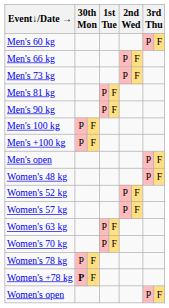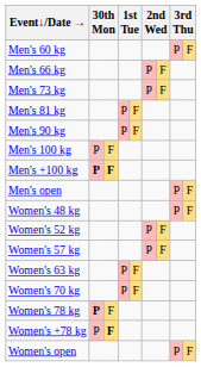 <table class="wikitable" style="margin:0.5em auto; font-size:90%; line-height:1.25em; text-align:center;">
 <tr>
 <th>Event↓/Date →</th>
 <th colspan=2>30th<br>Mon</th>
 <th colspan=2>1st<br>Tue</th>
 <th colspan=2>2nd<br>Wed</th>
 <th colspan=2>3rd<br>Thu</th>
 </tr>
 <tr>
 <td align="left"><a href='#'>Men's 60 kg</a></td>
 <td colspan=2></td>
 <td colspan=2></td>
 <td colspan=2></td>
 <td bgcolor="#FFBBBB">P</td>
 <td bgcolor="#FFDF80">F</td>
 </tr>
 <tr>
 <td align="left"><a href='#'>Men's 66 kg</a></td>
 <td colspan=2></td>
 <td colspan=2></td>
 <td bgcolor="#FFBBBB">P</td>
 <td bgcolor="#FFDF80">F</td>
 <td colspan=2></td>
 </tr>
 <tr>
 <td align="left"><a href='#'>Men's 73 kg</a></td>
 <td colspan=2></td>
 <td colspan=2></td>
 <td bgcolor="#FFBBBB">P</td>
 <td bgcolor="#FFDF80">F</td>
 <td colspan=2></td>
 </tr>
 <tr>
 <td align="left"><a href='#'>Men's 81 kg</a></td>
 <td colspan=2></td>
 <td bgcolor="#FFBBBB">P</td>
 <td bgcolor="#FFDF80">F</td>
 <td colspan=2></td>
 <td colspan=2></td>
 </tr>
 <tr>
 <td align="left"><a href='#'>Men's 90 kg</a></td>
 <td colspan=2></td>
 <td bgcolor="#FFBBBB">P</td>
 <td bgcolor="#FFDF80">F</td>
 <td colspan=2></td>
 <td colspan=2></td>
 </tr>
 <tr>
 <td align="left"><a href='#'>Men's 100 kg</a></td>
 <td bgcolor="#FFBBBB">P</td>
 <td bgcolor="#FFDF80">F</td>
 <td colspan=2></td>
 <td colspan=2></td>
 <td colspan=2></td>
 </tr>
 <tr>
 <td align="left"><a href='#'>Men's +100 kg</a></td>
-<td bgcolor="#FFBBBB">P</td>
-<td bgcolor="#FFDF80">F</td>
+<td bgcolor="#FFBBBB"><strong>P</strong></td>
+<td bgcolor="#FFDF80"><strong>F</strong></td>
 <td colspan=2></td>
 <td colspan=2></td>
 <td colspan=2></td>
 </tr>
 <tr>
 <td align="left"><a href='#'>Men's open</a></td>
 <td colspan=2></td>
 <td colspan=2></td>
 <td colspan=2></td>
 <td bgcolor="#FFBBBB">P</td>
 <td bgcolor="#FFDF80">F</td>
 </tr>
 <tr>
 <td align="left"><a href='#'>Women's 48 kg</a></td>
 <td colspan=2></td>
 <td colspan=2></td>
 <td colspan=2></td>
 <td bgcolor="#FFBBBB">P</td>
 <td bgcolor="#FFDF80">F</td>
 </tr>
 <tr>
 <td align="left"><a href='#'>Women's 52 kg</a></td>
 <td colspan=2></td>
 <td colspan=2></td>
 <td bgcolor="#FFBBBB">P</td>
 <td bgcolor="#FFDF80">F</td>
 <td colspan=2></td>
 </tr>
 <tr>
 <td align="left"><a href='#'>Women's 57 kg</a></td>
 <td colspan=2></td>
 <td colspan=2></td>
 <td bgcolor="#FFBBBB">P</td>
 <td bgcolor="#FFDF80">F</td>
 <td colspan=2></td>
 </tr>
 <tr>
 <td align="left"><a href='#'>Women's 63 kg</a></td>
 <td colspan=2></td>
 <td bgcolor="#FFBBBB">P</td>
 <td bgcolor="#FFDF80">F</td>
 <td colspan=2></td>
 <td colspan=2></td>
 </tr>
 <tr>
 <td align="left"><a href='#'>Women's 70 kg</a></td>
 <td colspan=2></td>
 <td bgcolor="#FFBBBB">P</td>
 <td bgcolor="#FFDF80">F</td>
 <td colspan=2></td>
 <td colspan=2></td>
 </tr>
 <tr>
 <td align="left"><a href='#'>Women's 78 kg</a></td>
-<td bgcolor="#FFBBBB">P</td>
+<td bgcolor="#FFBBBB"><strong>P</strong></td>
 <td bgcolor="#FFDF80">F</td>
 <td colspan=2></td>
 <td colspan=2></td>
 <td colspan=2></td>
 </tr>
 <tr>
 <td align="left"><a href='#'>Women's +78 kg</a></td>
-<td bgcolor="#FFBBBB"><strong>P</strong></td>
-<td bgcolor="#FFDF80">F</td>
+<td bgcolor="#FFBBBB">P</td>
+<td bgcolor="#FFDF80"><strong>F</strong></td>
 <td colspan=2></td>
 <td colspan=2></td>
 <td colspan=2></td>
 </tr>
 <tr>
 <td align="left"><a href='#'>Women's open</a></td>
 <td colspan=2></td>
 <td colspan=2></td>
 <td colspan=2></td>
 <td bgcolor="#FFBBBB">P</td>
 <td bgcolor="#FFDF80">F</td>
 </tr>
 </table>
